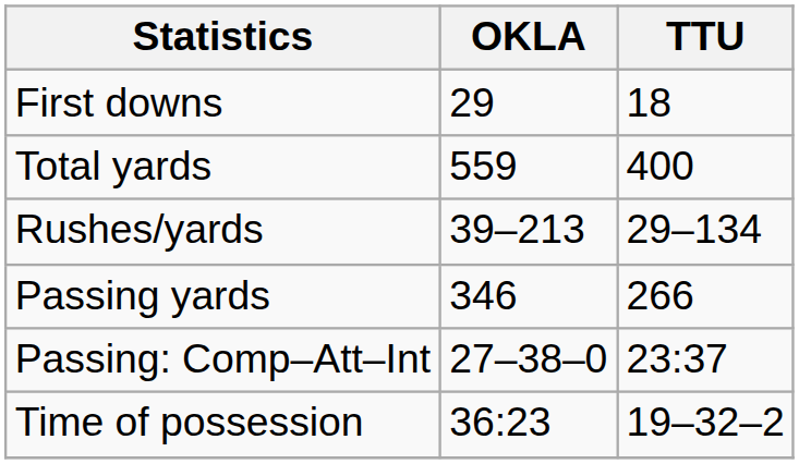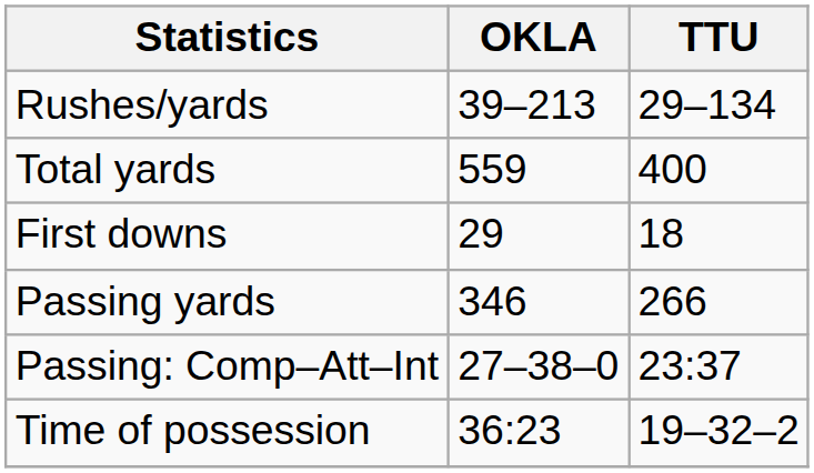 <table class="wikitable" style="float: left;">
 <tr>
 <th>Statistics</th>
 <th>OKLA</th>
 <th>TTU</th>
 </tr>
 <tr>
-<td>First downs</td>
-<td>29</td>
-<td>18</td>
+<td>Rushes/yards</td>
+<td>39–213</td>
+<td>29–134</td>
 </tr>
 <tr>
 <td>Total yards</td>
 <td>559</td>
 <td>400</td>
 </tr>
 <tr>
-<td>Rushes/yards</td>
-<td>39–213</td>
-<td>29–134</td>
+<td>First downs</td>
+<td>29</td>
+<td>18</td>
 </tr>
 <tr>
 <td>Passing yards</td>
 <td>346</td>
 <td>266</td>
 </tr>
 <tr>
 <td>Passing: Comp–Att–Int</td>
 <td>27–38–0</td>
 <td>23:37</td>
 </tr>
 <tr>
 <td>Time of possession</td>
 <td>36:23</td>
 <td>19–32–2</td>
 </tr>
 <tr>
 </tr>
 </table>
